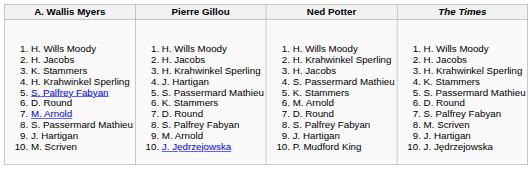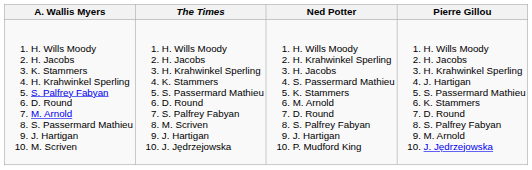 <table class="wikitable">
 <tr>
 <th>A. Wallis Myers</th>
+<th><em>The Times</em></th>
+<th>Ned Potter</th>
 <th>Pierre Gillou</th>
-<th>Ned Potter</th>
-<th><em>The Times</em></th>
 </tr>
 <tr style="vertical-align: top;">
 <td style="white-space: nowrap;"><br><ol><li> H. Wills Moody</li><li> H. Jacobs</li><li> K. Stammers</li><li> H. Krahwinkel Sperling</li><li> <a href='#'>S. Palfrey Fabyan</a></li><li> D. Round</li><li> <a href='#'>M. Arnold</a></li><li> S. Passermard Mathieu</li><li> J. Hartigan</li><li> M. Scriven</li></ol></td>
+<td style="white-space: nowrap;"><br><ol><li> H. Wills Moody</li><li> H. Jacobs</li><li> H. Krahwinkel Sperling</li><li> K. Stammers</li><li> S. Passermard Mathieu</li><li> D. Round</li><li> S. Palfrey Fabyan</li><li> M. Scriven</li><li> J. Hartigan</li><li> J. Jędrzejowska</li></ol></td>
+<td style="white-space: nowrap;"><br><ol><li> H. Wills Moody</li><li> H. Krahwinkel Sperling</li><li> H. Jacobs</li><li> S. Passermard Mathieu</li><li> K. Stammers</li><li> M. Arnold</li><li> D. Round</li><li> S. Palfrey Fabyan</li><li> J. Hartigan</li><li> P. Mudford King</li></ol></td>
 <td style="white-space: nowrap;"><br><ol><li> H. Wills Moody</li><li> H. Jacobs</li><li> H. Krahwinkel Sperling</li><li> J. Hartigan</li><li> S. Passermard Mathieu</li><li> K. Stammers</li><li> D. Round</li><li> S. Palfrey Fabyan</li><li> M. Arnold</li><li> <a href='#'>J. Jędrzejowska</a></li></ol></td>
-<td style="white-space: nowrap;"><br><ol><li> H. Wills Moody</li><li> H. Krahwinkel Sperling</li><li> H. Jacobs</li><li> S. Passermard Mathieu</li><li> K. Stammers</li><li> M. Arnold</li><li> D. Round</li><li> S. Palfrey Fabyan</li><li> J. Hartigan</li><li> P. Mudford King</li></ol></td>
-<td style="white-space: nowrap;"><br><ol><li> H. Wills Moody</li><li> H. Jacobs</li><li> H. Krahwinkel Sperling</li><li> K. Stammers</li><li> S. Passermard Mathieu</li><li> D. Round</li><li> S. Palfrey Fabyan</li><li> M. Scriven</li><li> J. Hartigan</li><li> J. Jędrzejowska</li></ol></td>
 </tr>
 </table>
